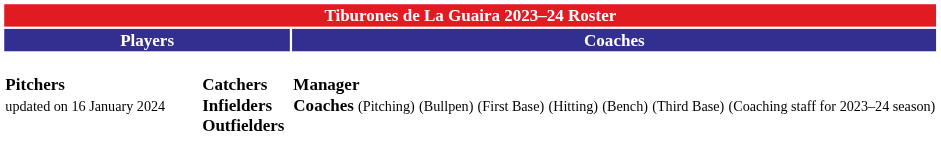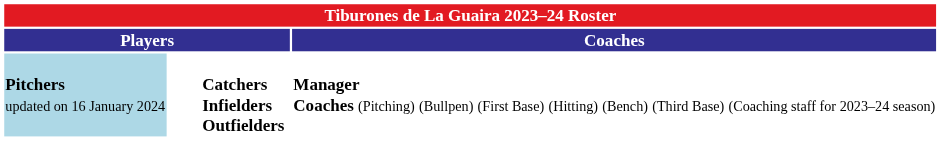 <table class="toccolours" style="font-size: 95%;">
 <tr>
 <th colspan="10" style="background-color:#E21A22; color:#FFFFFF; text-align:center;">Tiburones de La Guaira 2023–24 Roster</th>
 </tr>
 <tr>
 <th colspan="4" style="background-color:#322F91; color:#FFFFFF">Players</th>
 <th colspan="1" style="background-color:#322F91; color:#FFFFFF">Coaches</th>
 </tr>
 <tr>
-<td style="vertical-align:top;text-align:left;"><br><strong>Pitchers</strong>                  <br><small><span></span> updated on 16 January 2024</small></td>
+<td style="background: lightblue; vertical-align:top;text-align:left;"><br><strong>Pitchers</strong>                  <br><small><span></span> updated on 16 January 2024</small></td>
 <td width="25px"></td>
 <td style="vertical-align:top;text-align:left;"><br><strong>Catchers</strong>    <br><strong>Infielders</strong>       <br><strong>Outfielders</strong>      </td>
 <td style="vertical-align:top;text-align:left;"></td>
 <td style="vertical-align:top;text-align:left;"><br><strong>Manager</strong> <br><strong>Coaches</strong>  <small>(Pitching)</small>  <small>(Bullpen)</small>  <small>(First Base)</small>  <small>(Hitting)</small>  <small>(Bench)</small>  <small>(Third Base)</small> <small>(Coaching staff for 2023–24 season)</small></td>
 </tr>
 </table>
